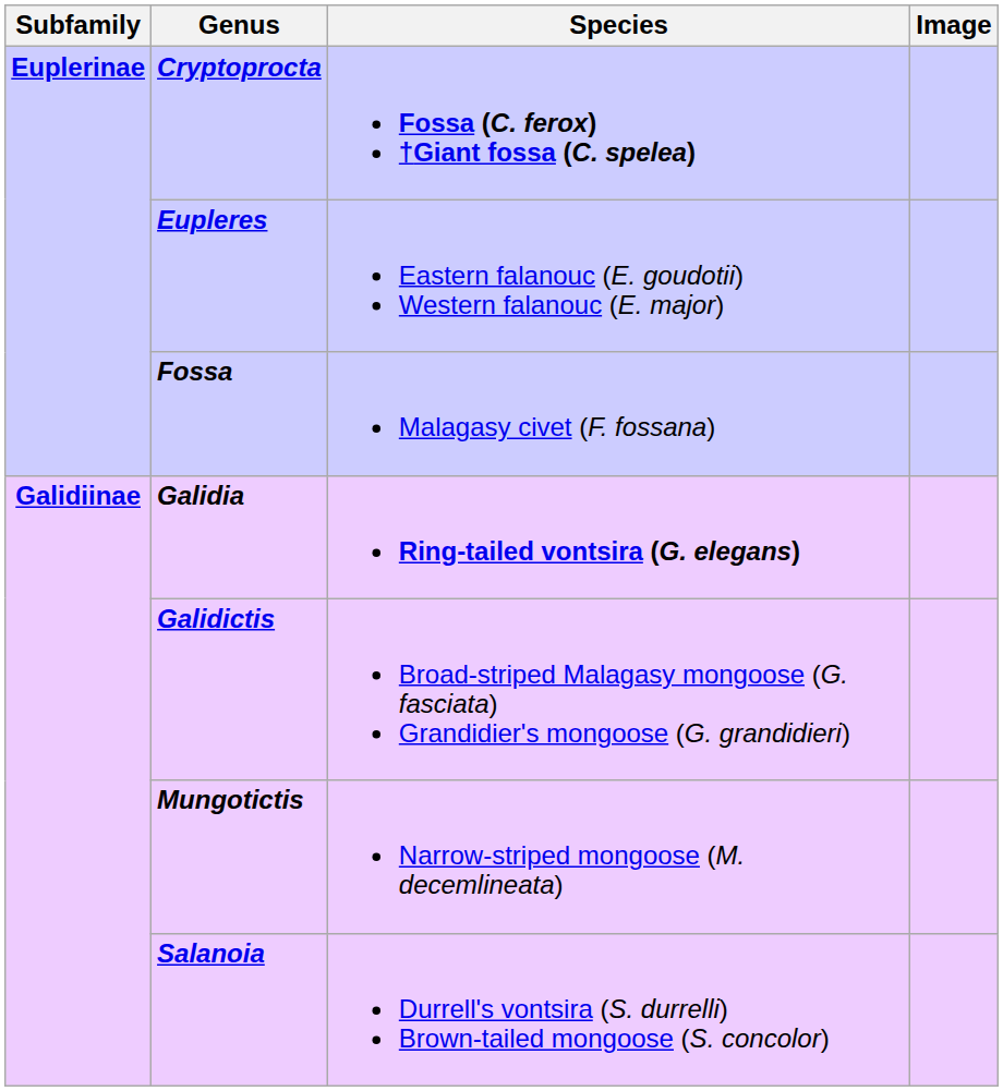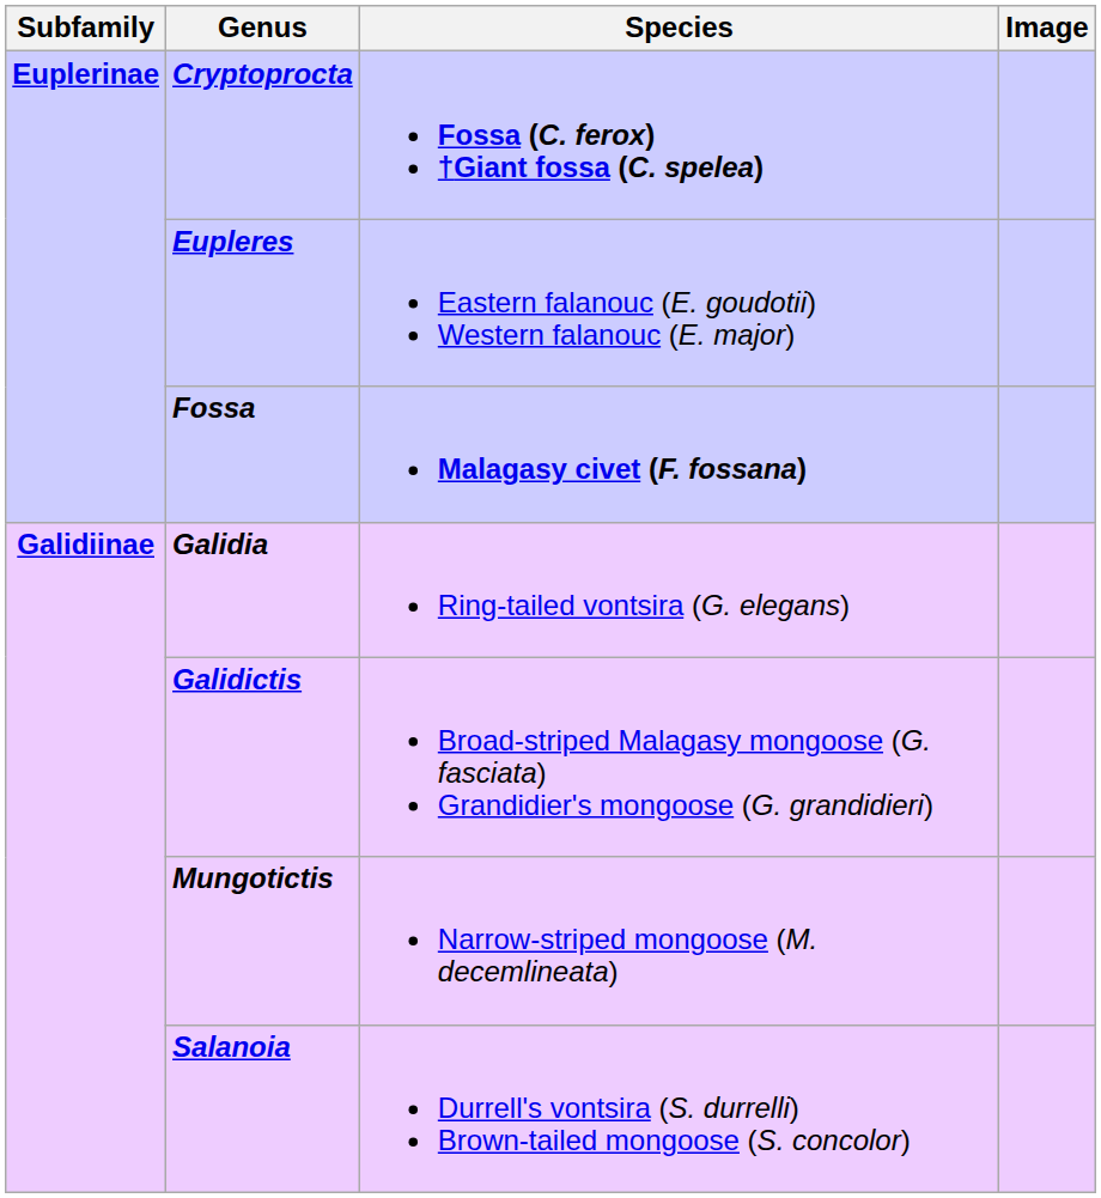 <table class="wikitable">
 <tr>
 <th>Subfamily</th>
 <th>Genus</th>
 <th>Species</th>
 <th>Image</th>
 </tr>
 <tr style="vertical-align:top; background:#ccccFF;">
 <th rowspan="3" style="text-align:center; background:#ccccFF;"><a href='#'>Euplerinae</a></th>
 <td><strong><em><a href='#'>Cryptoprocta</a></em></strong> </td>
 <td><strong><br><ul><li><a href='#'>Fossa</a> (<em>C. ferox</em>)</li><li><a href='#'>†</a><a href='#'>Giant fossa</a> (<em>C. spelea</em>)</li></ul></strong></td>
 <td></td>
 </tr>
 <tr style="vertical-align:top; background:#ccccFF;">
 <td><strong><em><a href='#'>Eupleres</a></em></strong> </td>
 <td><br><ul><li><a href='#'>Eastern falanouc</a> (<em>E. goudotii</em>)</li><li><a href='#'>Western falanouc</a> (<em>E. major</em>)</li></ul></td>
 <td></td>
 </tr>
 <tr style="vertical-align:top; background:#ccccFF;">
 <td><strong><em>Fossa</em></strong> </td>
-<td><br><ul><li><a href='#'>Malagasy civet</a> (<em>F. fossana</em>)</li></ul></td>
+<td><strong><br><ul><li><a href='#'>Malagasy civet</a> (<em>F. fossana</em>)</li></ul></strong></td>
 <td></td>
 </tr>
 <tr style="vertical-align:top; background:#eeccFF;">
 <th rowspan="4" style="text-align:center; background:#eeccFF;"><a href='#'>Galidiinae</a></th>
 <td><strong><em>Galidia</em></strong> </td>
-<td><strong><br><ul><li><a href='#'>Ring-tailed vontsira</a> (<em>G. elegans</em>)</li></ul></strong></td>
+<td><br><ul><li><a href='#'>Ring-tailed vontsira</a> (<em>G. elegans</em>)</li></ul></td>
 <td></td>
 </tr>
 <tr style="vertical-align:top; background:#eeccFF;">
 <td><strong><em><a href='#'>Galidictis</a></em></strong> </td>
 <td><br><ul><li><a href='#'>Broad-striped Malagasy mongoose</a> (<em>G. fasciata</em>)</li><li><a href='#'>Grandidier's mongoose</a> (<em>G. grandidieri</em>)</li></ul></td>
 <td></td>
 </tr>
 <tr style="vertical-align:top; background:#eeccFF;">
 <td><strong><em>Mungotictis</em></strong> </td>
 <td><br><ul><li><a href='#'>Narrow-striped mongoose</a> (<em>M. decemlineata</em>)</li></ul></td>
 <td></td>
 </tr>
 <tr style="vertical-align:top; background:#eeccFF;">
 <td><strong><em><a href='#'>Salanoia</a></em></strong> </td>
 <td><br><ul><li><a href='#'>Durrell's vontsira</a> (<em>S. durrelli</em>)</li><li><a href='#'>Brown-tailed mongoose</a> (<em>S. concolor</em>)</li></ul></td>
 <td></td>
 </tr>
 </table>
